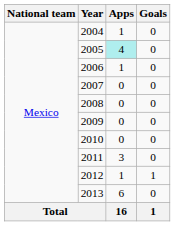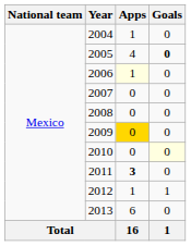 <table class="wikitable" style="text-align: center;">
 <tr>
 <th>National team</th>
 <th>Year</th>
 <th>Apps</th>
 <th>Goals</th>
 </tr>
 <tr>
 <td rowspan="10" valign="center"><a href='#'>Mexico</a></td>
 <td>2004</td>
 <td>1</td>
 <td>0</td>
 </tr>
 <tr>
 <td>2005</td>
-<td style="background: paleturquoise;">4</td>
-<td>0</td>
+<td>4</td>
+<td><strong>0</strong></td>
 </tr>
 <tr>
 <td>2006</td>
-<td>1</td>
+<td style="background: lightyellow;">1</td>
 <td>0</td>
 </tr>
 <tr>
 <td>2007</td>
 <td>0</td>
 <td>0</td>
 </tr>
 <tr>
 <td>2008</td>
 <td>0</td>
 <td>0</td>
 </tr>
 <tr>
 <td>2009</td>
-<td>0</td>
+<td style="background: gold;">0</td>
 <td>0</td>
 </tr>
 <tr>
 <td>2010</td>
 <td>0</td>
-<td>0</td>
+<td style="background: lightyellow;">0</td>
 </tr>
 <tr>
 <td>2011</td>
-<td>3</td>
+<td><strong>3</strong></td>
 <td>0</td>
 </tr>
 <tr>
 <td>2012</td>
 <td>1</td>
 <td>1</td>
 </tr>
 <tr>
 <td>2013</td>
 <td>6</td>
 <td>0</td>
 </tr>
 <tr>
 <th colspan="2">Total</th>
 <th>16</th>
 <th>1</th>
 </tr>
 </table>
